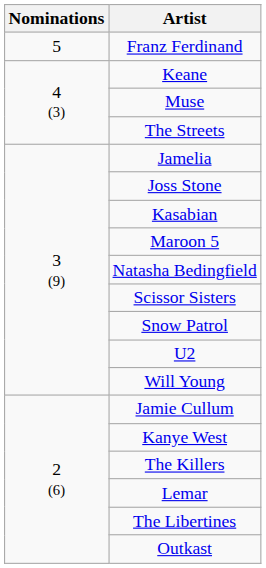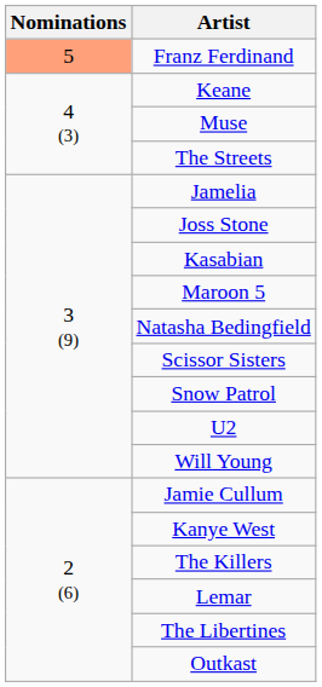 <table class="wikitable" rowspan="2" style="text-align:center;">
 <tr>
 <th scope="col" style="width:55px;">Nominations</th>
 <th scope="col" style="text-align:center;">Artist</th>
 </tr>
 <tr>
-<td>5</td>
+<td style="background: lightsalmon;">5</td>
 <td><a href='#'>Franz Ferdinand</a></td>
 </tr>
 <tr>
 <td rowspan="3">4<br><small>(3)</small></td>
 <td><a href='#'>Keane</a></td>
 </tr>
 <tr>
 <td><a href='#'>Muse</a></td>
 </tr>
 <tr>
 <td><a href='#'>The Streets</a></td>
 </tr>
 <tr>
 <td rowspan="9">3<br><small>(9)</small></td>
 <td><a href='#'>Jamelia</a></td>
 </tr>
 <tr>
 <td><a href='#'>Joss Stone</a></td>
 </tr>
 <tr>
 <td><a href='#'>Kasabian</a></td>
 </tr>
 <tr>
 <td><a href='#'>Maroon 5</a></td>
 </tr>
 <tr>
 <td><a href='#'>Natasha Bedingfield</a></td>
 </tr>
 <tr>
 <td><a href='#'>Scissor Sisters</a></td>
 </tr>
 <tr>
 <td><a href='#'>Snow Patrol</a></td>
 </tr>
 <tr>
 <td><a href='#'>U2</a></td>
 </tr>
 <tr>
 <td><a href='#'>Will Young</a></td>
 </tr>
 <tr>
 <td rowspan="6">2<br><small>(6)</small></td>
 <td><a href='#'>Jamie Cullum</a></td>
 </tr>
 <tr>
 <td><a href='#'>Kanye West</a></td>
 </tr>
 <tr>
 <td><a href='#'>The Killers</a></td>
 </tr>
 <tr>
 <td><a href='#'>Lemar</a></td>
 </tr>
 <tr>
 <td><a href='#'>The Libertines</a></td>
 </tr>
 <tr>
 <td><a href='#'>Outkast</a></td>
 </tr>
 </table>
